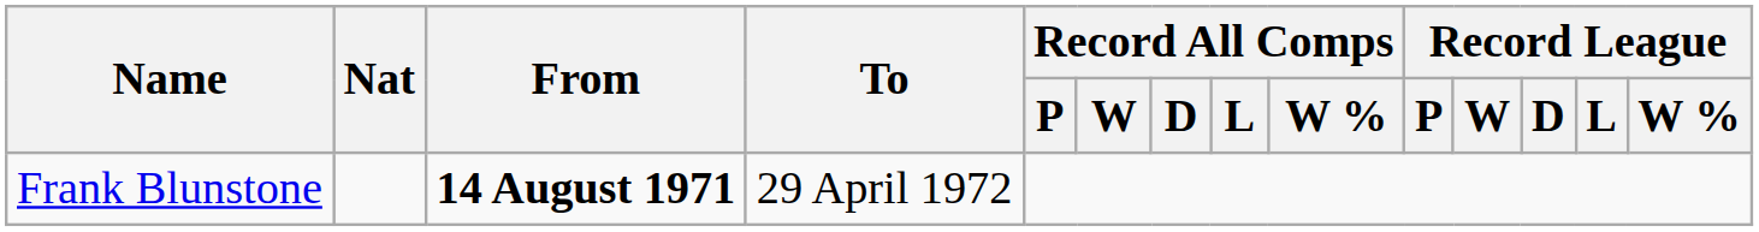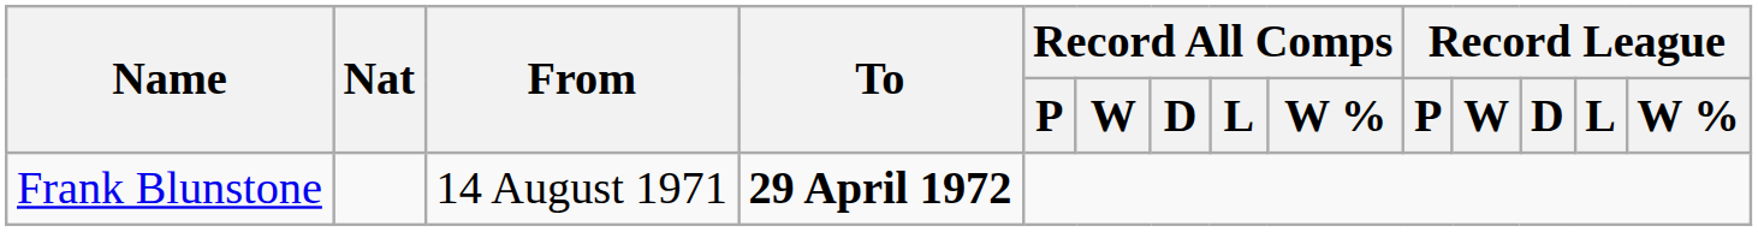 <table style="text-align: center" class="wikitable">
 <tr>
 <th rowspan="2">Name</th>
 <th rowspan="2">Nat</th>
 <th rowspan="2">From</th>
 <th rowspan="2">To</th>
 <th colspan="5">Record All Comps</th>
 <th colspan="5">Record League</th>
 </tr>
 <tr>
 <th>P</th>
 <th>W</th>
 <th>D</th>
 <th>L</th>
 <th>W %</th>
 <th>P</th>
 <th>W</th>
 <th>D</th>
 <th>L</th>
 <th>W %</th>
 </tr>
 <tr>
 <td style="text-align:left;"><a href='#'>Frank Blunstone</a></td>
 <td></td>
-<td style="text-align:left;"><strong>14 August 1971</strong></td>
-<td style="text-align:left;">29 April 1972<br> </td>
+<td style="text-align:left;">14 August 1971</td>
+<td style="text-align:left;"><strong>29 April 1972<br> </strong></td>
 </tr>
 </table>
